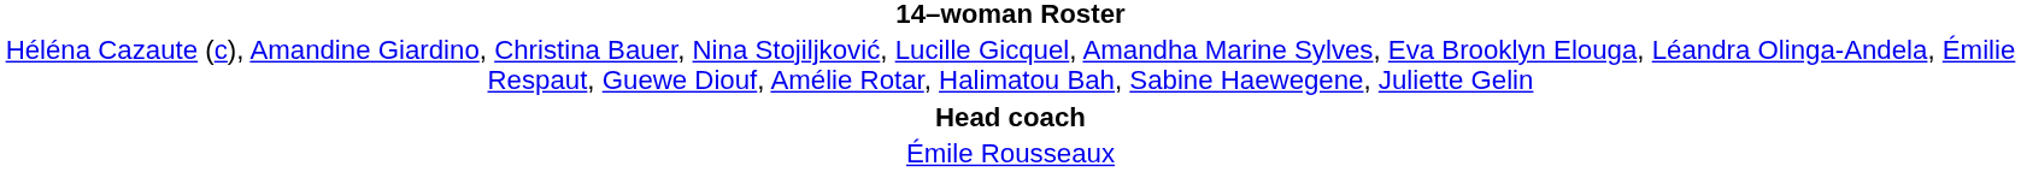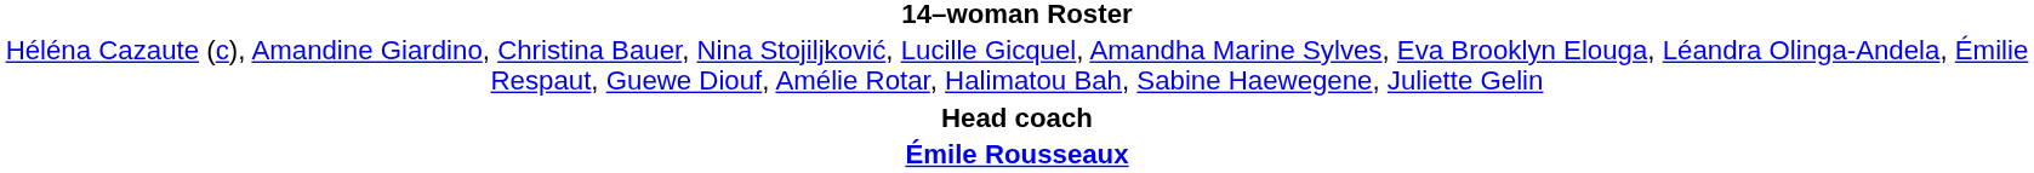 <table style="text-align:center; margin-top:2em; margin-left:auto; margin-right:auto">
 <tr>
 <td><strong>14–woman Roster</strong></td>
 </tr>
 <tr>
 <td><a href='#'>Héléna Cazaute</a>  (<a href='#'>c</a>), <a href='#'>Amandine Giardino</a>, <a href='#'>Christina Bauer</a>, <a href='#'>Nina Stojiljković</a>, <a href='#'>Lucille Gicquel</a>, <a href='#'>Amandha Marine Sylves</a>, <a href='#'>Eva Brooklyn Elouga</a>, <a href='#'>Léandra Olinga-Andela</a>, <a href='#'>Émilie Respaut</a>, <a href='#'>Guewe Diouf</a>, <a href='#'>Amélie Rotar</a>, <a href='#'>Halimatou Bah</a>, <a href='#'>Sabine Haewegene</a>, <a href='#'>Juliette Gelin</a></td>
 </tr>
 <tr>
 <td><strong>Head coach</strong></td>
 </tr>
 <tr>
-<td> <a href='#'>Émile Rousseaux</a></td>
+<td><strong> <a href='#'>Émile Rousseaux</a></strong></td>
 </tr>
 </table>
